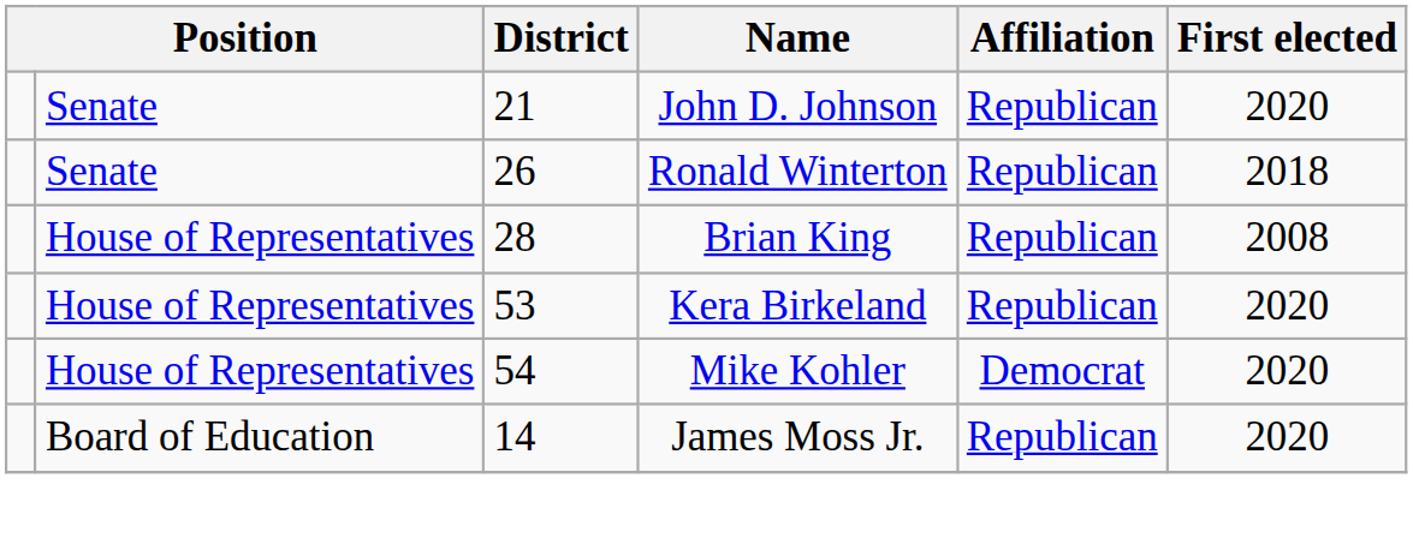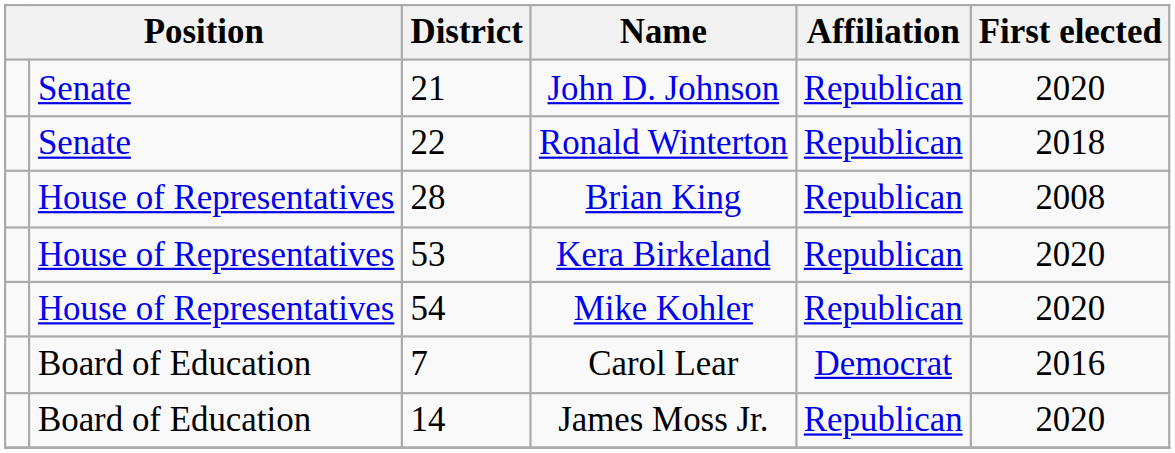 <table class="wikitable">
 <tr>
 <th colspan="2" style="text-align:center; vertical-align:bottom;">Position</th>
 <th>District</th>
 <th style="text-align:center;">Name</th>
 <th valign="bottom">Affiliation</th>
 <th style="vertical-align:bottom; text-align:center;">First elected</th>
 </tr>
 <tr>
 <td style="background-color:"> </td>
 <td><a href='#'>Senate</a></td>
 <td>21</td>
 <td style="text-align:center;"><a href='#'>John D. Johnson</a></td>
 <td style="text-align:center;"><a href='#'>Republican</a></td>
 <td style="text-align:center;">2020</td>
 </tr>
 <tr>
 <td style="background-color:"> </td>
 <td><a href='#'>Senate</a></td>
-<td>26</td>
+<td>22</td>
 <td style="text-align:center;"><a href='#'>Ronald Winterton</a></td>
 <td style="text-align:center;"><a href='#'>Republican</a></td>
 <td style="text-align:center;">2018</td>
 </tr>
 <tr>
 <td style="background-color:"> </td>
 <td><a href='#'>House of Representatives</a></td>
 <td>28</td>
 <td style="text-align:center;"><a href='#'>Brian King</a></td>
 <td style="text-align:center;"><a href='#'>Republican</a></td>
 <td style="text-align:center;">2008</td>
 </tr>
 <tr>
 <td style="background-color:"> </td>
 <td><a href='#'>House of Representatives</a></td>
 <td>53</td>
 <td style="text-align:center;"><a href='#'>Kera Birkeland</a></td>
 <td style="text-align:center;"><a href='#'>Republican</a></td>
 <td style="text-align:center;">2020</td>
 </tr>
 <tr>
 <td style="background-color:"> </td>
 <td><a href='#'>House of Representatives</a></td>
 <td>54</td>
 <td style="text-align:center;"><a href='#'>Mike Kohler</a></td>
+<td style="text-align:center;"><a href='#'>Republican</a></td>
+<td style="text-align:center;">2020</td>
+</tr>
+<tr>
+<td style="background-color:"> </td>
+<td>Board of Education</td>
+<td>7</td>
+<td style="text-align:center;">Carol Lear</td>
 <td style="text-align:center;"><a href='#'>Democrat</a></td>
-<td style="text-align:center;">2020</td>
+<td style="text-align:center;">2016</td>
 </tr>
 <tr>
 <td style="background-color:"> </td>
 <td>Board of Education</td>
 <td>14</td>
 <td style="text-align:center;">James Moss Jr.</td>
 <td style="text-align:center;"><a href='#'>Republican</a></td>
 <td style="text-align:center;">2020</td>
 </tr>
 <tr>
 </tr>
 </table>
